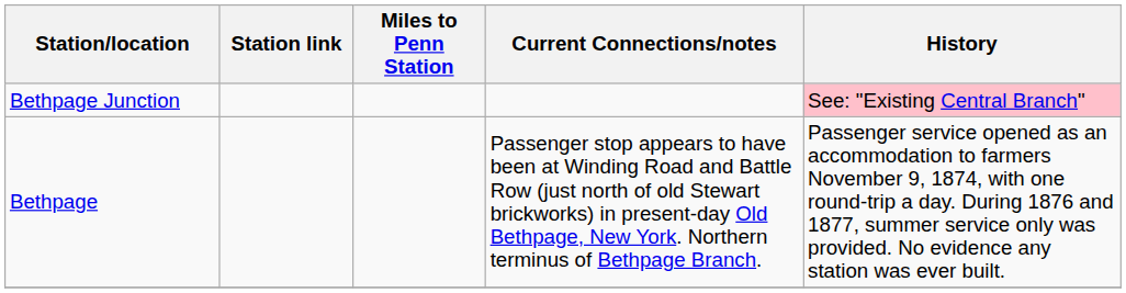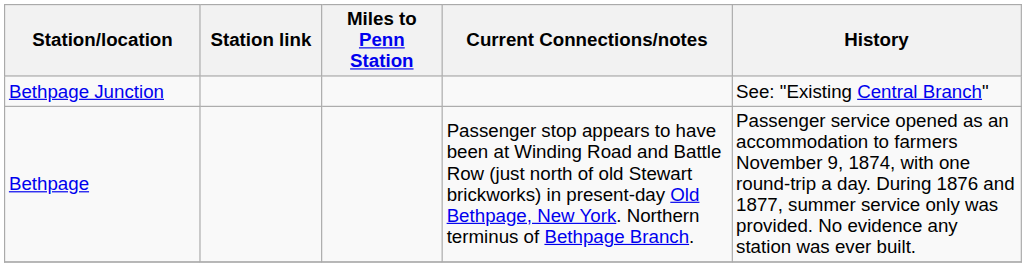 <table class="wikitable">
 <tr>
 <th style="width:10em">Station/location</th>
 <th style="width:6em">Station link</th>
 <th style="width:6em">Miles to <a href='#'>Penn Station</a></th>
 <th style="width:15em">Current Connections/notes</th>
 <th style="width:15em">History</th>
 </tr>
 <tr>
 <td><a href='#'>Bethpage Junction</a></td>
 <td></td>
 <td></td>
 <td></td>
-<td style="background: pink;">See: "Existing <a href='#'>Central Branch</a>"</td>
+<td>See: "Existing <a href='#'>Central Branch</a>"</td>
 </tr>
 <tr>
 <td><a href='#'>Bethpage</a></td>
 <td></td>
 <td></td>
 <td>Passenger stop appears to have been at Winding Road and Battle Row (just north of old Stewart brickworks) in present-day <a href='#'>Old Bethpage, New York</a>. Northern terminus of <a href='#'>Bethpage Branch</a>.</td>
 <td>Passenger service opened as an accommodation to farmers November 9, 1874, with one round-trip a day. During 1876 and 1877, summer service only was provided.  No evidence any station was ever built.</td>
 </tr>
 <tr>
 </tr>
 </table>
